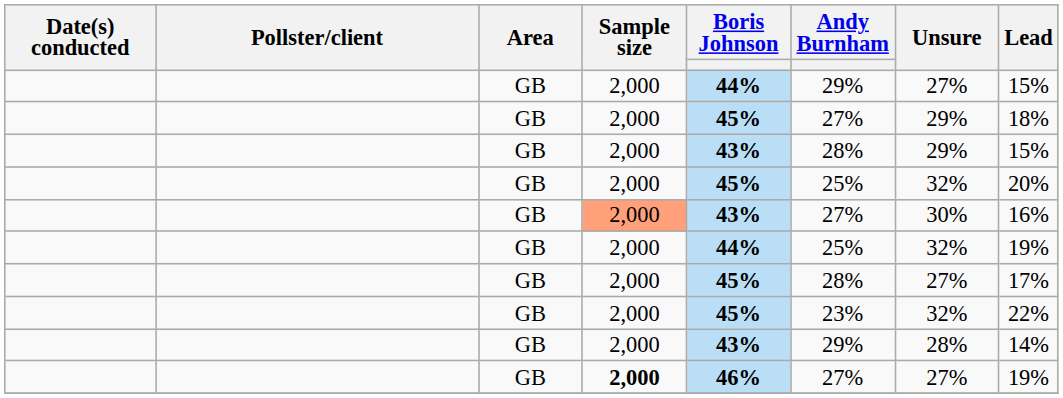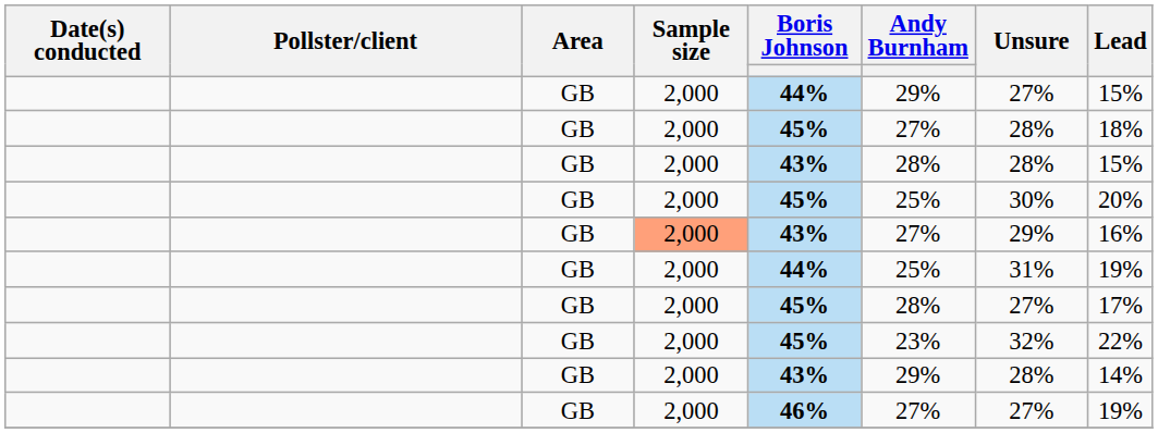 <table class="wikitable collapsible sortable mw-datatable" style="text-align:center;font-size:90%;line-height:14px">
 <tr>
 <th style="width:90px;" rowspan="2" class="unsortable">Date(s)<br>conducted</th>
 <th style="width:200px;" rowspan="2">Pollster/client</th>
 <th style="width:60px;" rowspan="2">Area</th>
 <th style="width:60px;" rowspan="2">Sample size</th>
 <th style="width:60px;" class="unsortable"><a href='#'>Boris Johnson</a></th>
 <th style="width:60px;" class="unsortable"><a href='#'>Andy Burnham</a></th>
 <th style="width:60px;" rowspan="2" class="unsortable">Unsure</th>
 <th class="unsortable" style="width:20px;" rowspan="2">Lead</th>
 </tr>
 <tr>
 <th class="unsortable" style="color:inherit;background:"></th>
 <th class="unsortable" style="color:inherit;background:"></th>
 </tr>
 <tr>
 <td></td>
 <td></td>
 <td>GB</td>
 <td>2,000</td>
 <td style="background:#BADEF5"><strong>44%</strong></td>
 <td>29%</td>
 <td>27%</td>
 <td style="background:">15%</td>
 </tr>
 <tr>
 <td></td>
 <td></td>
 <td>GB</td>
 <td>2,000</td>
 <td style="background:#BADEF5"><strong>45%</strong></td>
 <td>27%</td>
-<td>29%</td>
+<td>28%</td>
 <td style="background:">18%</td>
 </tr>
 <tr>
 <td></td>
 <td></td>
 <td>GB</td>
 <td>2,000</td>
 <td style="background:#BADEF5"><strong>43%</strong></td>
 <td>28%</td>
-<td>29%</td>
+<td>28%</td>
 <td style="background:">15%</td>
 </tr>
 <tr>
 <td></td>
 <td></td>
 <td>GB</td>
 <td>2,000</td>
 <td style="background:#BADEF5"><strong>45%</strong></td>
 <td>25%</td>
-<td>32%</td>
+<td>30%</td>
 <td style="background:">20%</td>
 </tr>
 <tr>
 <td></td>
 <td></td>
 <td>GB</td>
 <td style="background: lightsalmon;">2,000</td>
 <td style="background:#BADEF5"><strong>43%</strong></td>
 <td>27%</td>
-<td>30%</td>
+<td>29%</td>
 <td style="background:">16%</td>
 </tr>
 <tr>
 <td></td>
 <td></td>
 <td>GB</td>
 <td>2,000</td>
 <td style="background:#BADEF5"><strong>44%</strong></td>
 <td>25%</td>
-<td>32%</td>
+<td>31%</td>
 <td style="background:">19%</td>
 </tr>
 <tr>
 <td></td>
 <td></td>
 <td>GB</td>
 <td>2,000</td>
 <td style="background:#BADEF5"><strong>45%</strong></td>
 <td>28%</td>
 <td>27%</td>
 <td style="background:">17%</td>
 </tr>
 <tr>
 <td></td>
 <td></td>
 <td>GB</td>
 <td>2,000</td>
 <td style="background:#BADEF5"><strong>45%</strong></td>
 <td>23%</td>
 <td>32%</td>
 <td style="background:">22%</td>
 </tr>
 <tr>
 <td></td>
 <td></td>
 <td>GB</td>
 <td>2,000</td>
 <td style="background:#BADEF5"><strong>43%</strong></td>
 <td>29%</td>
 <td>28%</td>
 <td style="background:">14%</td>
 </tr>
 <tr>
 <td></td>
 <td></td>
 <td>GB</td>
-<td><strong>2,000</strong></td>
+<td>2,000</td>
 <td style="background:#BADEF5"><strong>46%</strong></td>
 <td>27%</td>
 <td>27%</td>
 <td style="background:">19%</td>
 </tr>
 <tr>
 </tr>
 </table>
